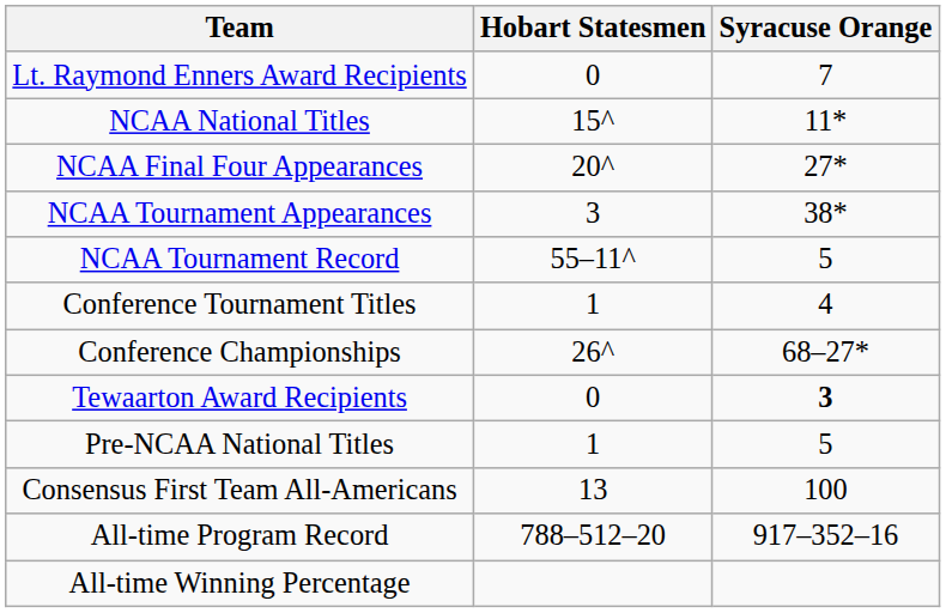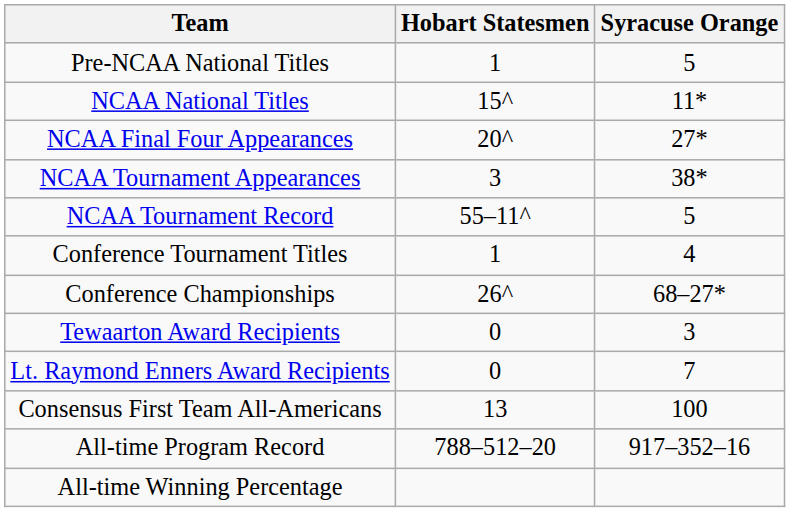 <table class="wikitable" style="text-align:center;">
 <tr>
 <th>Team</th>
 <th>Hobart Statesmen</th>
 <th>Syracuse Orange</th>
 </tr>
 <tr>
-<td><a href='#'>Lt. Raymond Enners Award Recipients</a></td>
-<td>0</td>
-<td>7</td>
+<td>Pre-NCAA National Titles</td>
+<td style=>1</td>
+<td>5</td>
 </tr>
 <tr>
 <td><a href='#'>NCAA National Titles</a></td>
 <td style=>15^</td>
 <td>11*</td>
 </tr>
 <tr>
 <td><a href='#'>NCAA Final Four Appearances</a></td>
 <td>20^</td>
 <td>27*</td>
 </tr>
 <tr>
 <td><a href='#'>NCAA Tournament Appearances</a></td>
 <td>3</td>
 <td>38*</td>
 </tr>
 <tr>
 <td><a href='#'>NCAA Tournament Record</a></td>
 <td>55–11^</td>
 <td>5</td>
 </tr>
 <tr>
 <td>Conference Tournament Titles</td>
 <td>1</td>
 <td>4</td>
 </tr>
 <tr>
 <td>Conference Championships</td>
 <td>26^</td>
 <td>68–27*</td>
 </tr>
 <tr>
 <td><a href='#'>Tewaarton Award Recipients</a></td>
 <td>0</td>
-<td><strong>3</strong></td>
+<td>3</td>
 </tr>
 <tr>
-<td>Pre-NCAA National Titles</td>
-<td style=>1</td>
-<td>5</td>
+<td><a href='#'>Lt. Raymond Enners Award Recipients</a></td>
+<td>0</td>
+<td>7</td>
 </tr>
 <tr>
 <td>Consensus First Team All-Americans</td>
 <td>13</td>
 <td>100</td>
 </tr>
 <tr>
 <td>All-time Program Record</td>
 <td>788–512–20</td>
 <td>917–352–16</td>
 </tr>
 <tr>
 <td>All-time Winning Percentage</td>
 <td></td>
 <td></td>
 </tr>
 </table>
